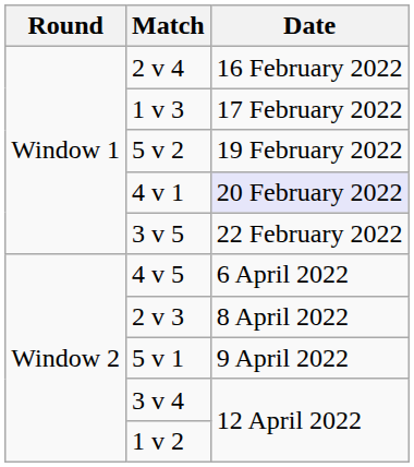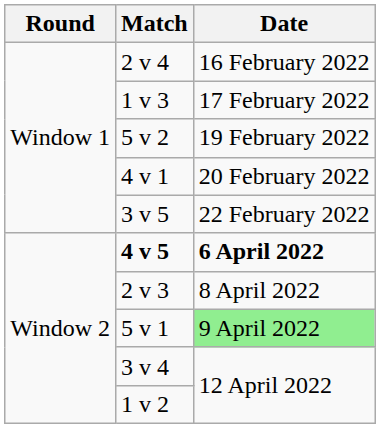 <table class="wikitable">
 <tr>
 <th>Round</th>
 <th>Match</th>
 <th>Date</th>
 </tr>
 <tr>
 <td rowspan="5">Window 1</td>
 <td>2 v 4</td>
 <td>16 February 2022</td>
 </tr>
 <tr>
 <td>1 v 3</td>
 <td>17 February 2022</td>
 </tr>
 <tr>
 <td>5 v 2</td>
 <td>19 February 2022</td>
 </tr>
 <tr>
 <td>4 v 1</td>
-<td style="background: lavender;">20 February 2022</td>
+<td>20 February 2022</td>
 </tr>
 <tr>
 <td>3 v 5</td>
 <td>22 February 2022</td>
 </tr>
 <tr>
 <td rowspan="5">Window 2</td>
-<td>4 v 5</td>
-<td>6 April 2022</td>
+<td><strong>4 v 5</strong></td>
+<td><strong>6 April 2022</strong></td>
 </tr>
 <tr>
 <td>2 v 3</td>
 <td>8 April 2022</td>
 </tr>
 <tr>
 <td>5 v 1</td>
-<td>9 April 2022</td>
+<td style="background: lightgreen;">9 April 2022</td>
 </tr>
 <tr>
 <td>3 v 4</td>
 <td rowspan="2">12 April 2022</td>
 </tr>
 <tr>
 <td>1 v 2</td>
 </tr>
 </table>
